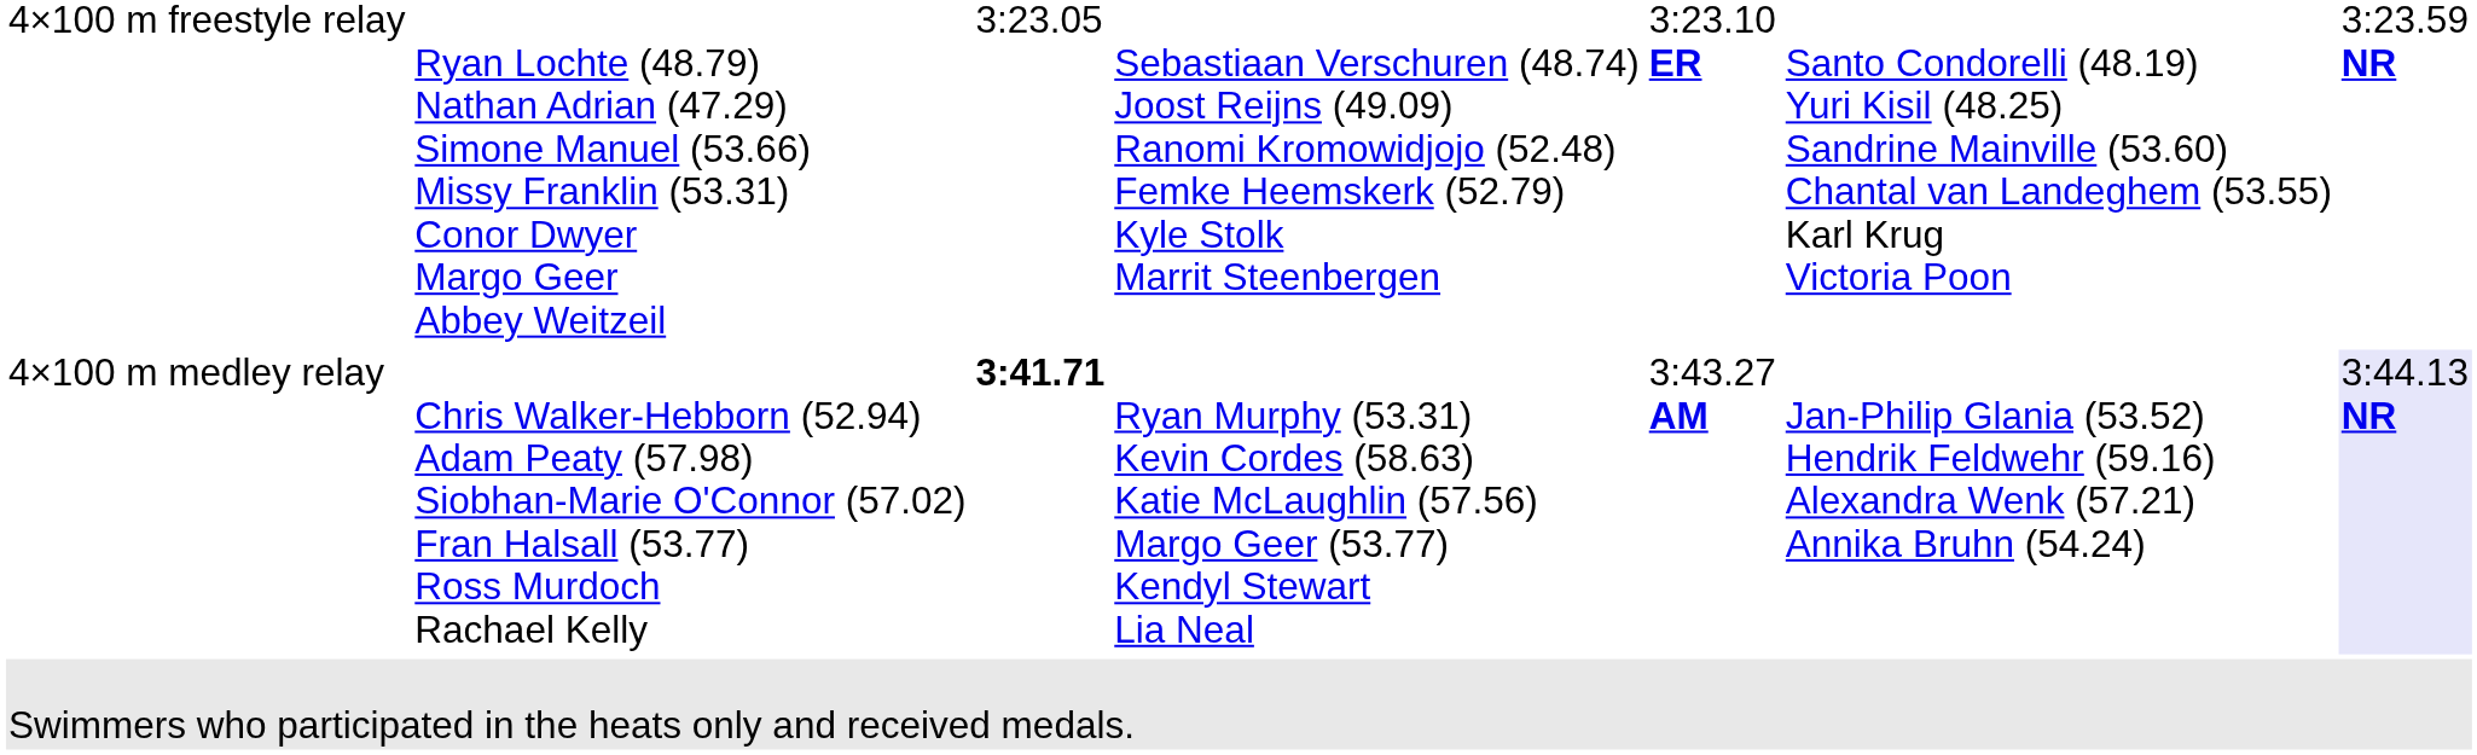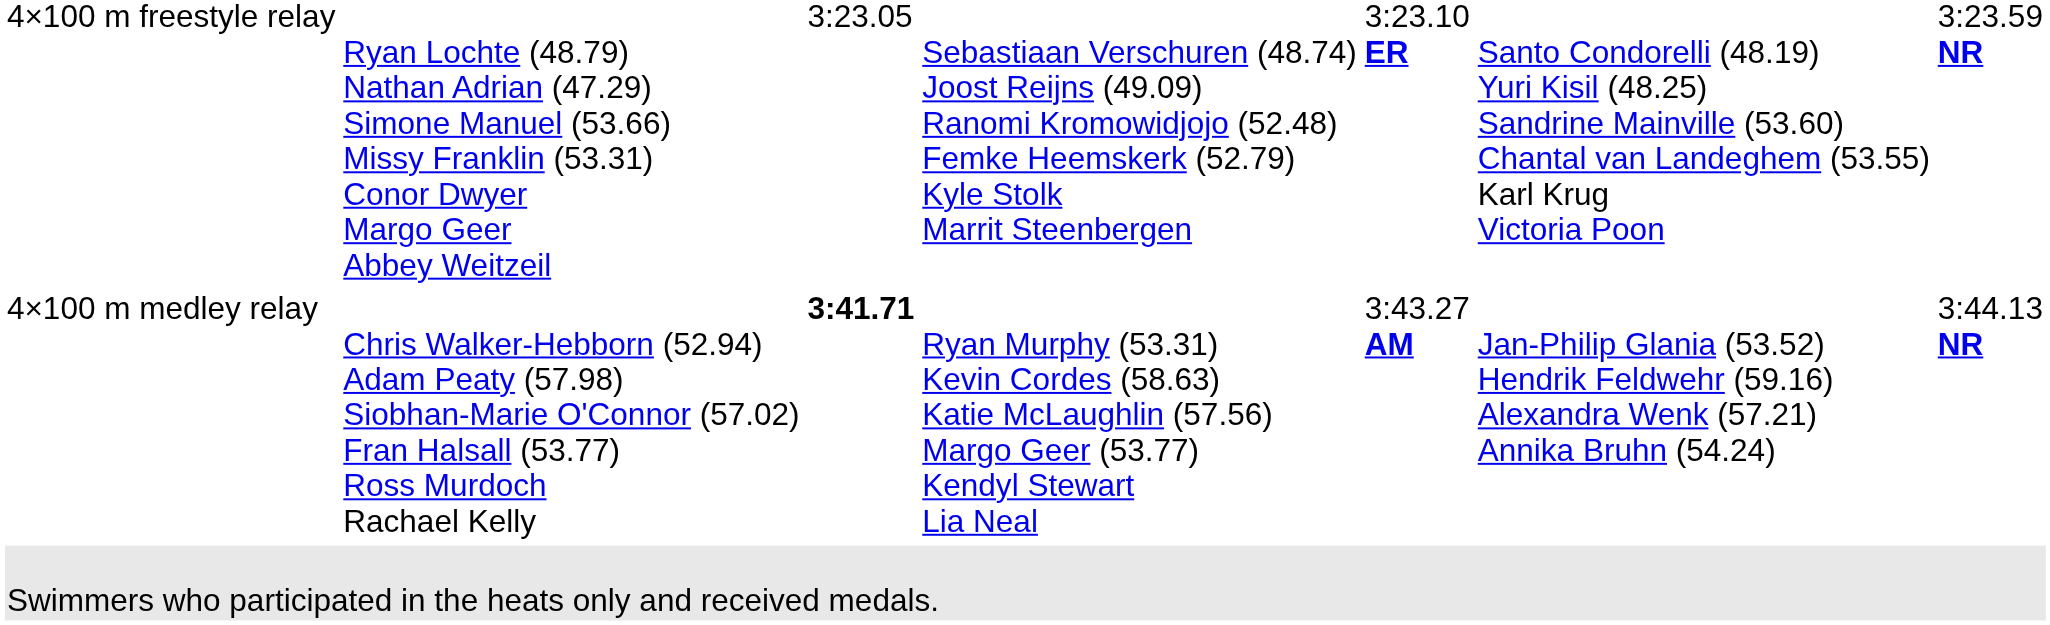 <table>
 <tr valign="top">
 <td>4×100 m freestyle relay<br><div></div></td>
 <td><br><a href='#'>Ryan Lochte</a> (48.79)<br><a href='#'>Nathan Adrian</a> (47.29)<br><a href='#'>Simone Manuel</a> (53.66)<br><a href='#'>Missy Franklin</a> (53.31)<br><a href='#'>Conor Dwyer</a><br><a href='#'>Margo Geer</a><br><a href='#'>Abbey Weitzeil</a></td>
 <td>3:23.05<br></td>
 <td><br><a href='#'>Sebastiaan Verschuren</a> (48.74)<br><a href='#'>Joost Reijns</a> (49.09)<br><a href='#'>Ranomi Kromowidjojo</a> (52.48)<br><a href='#'>Femke Heemskerk</a> (52.79)<br><a href='#'>Kyle Stolk</a><br><a href='#'>Marrit Steenbergen</a></td>
 <td>3:23.10<br><strong><a href='#'>ER</a></strong></td>
 <td><br><a href='#'>Santo Condorelli</a> (48.19)<br><a href='#'>Yuri Kisil</a> (48.25)<br><a href='#'>Sandrine Mainville</a> (53.60)<br><a href='#'>Chantal van Landeghem</a> (53.55)<br>Karl Krug<br><a href='#'>Victoria Poon</a></td>
 <td>3:23.59<br><strong><a href='#'>NR</a></strong></td>
 </tr>
 <tr valign="top">
 <td>4×100 m medley relay<br><div></div></td>
 <td><br><a href='#'>Chris Walker-Hebborn</a> (52.94)<br><a href='#'>Adam Peaty</a> (57.98)<br><a href='#'>Siobhan-Marie O'Connor</a> (57.02)<br><a href='#'>Fran Halsall</a> (53.77)<br><a href='#'>Ross Murdoch</a><br>Rachael Kelly</td>
 <td><strong>3:41.71<br></strong></td>
 <td><br><a href='#'>Ryan Murphy</a> (53.31)<br><a href='#'>Kevin Cordes</a> (58.63)<br><a href='#'>Katie McLaughlin</a> (57.56)<br><a href='#'>Margo Geer</a> (53.77)<br><a href='#'>Kendyl Stewart</a><br><a href='#'>Lia Neal</a></td>
 <td>3:43.27<br><strong><a href='#'>AM</a></strong></td>
 <td><br><a href='#'>Jan-Philip Glania</a> (53.52)<br><a href='#'>Hendrik Feldwehr</a> (59.16)<br><a href='#'>Alexandra Wenk</a> (57.21)<br><a href='#'>Annika Bruhn</a> (54.24)</td>
-<td style="background: lavender;">3:44.13<br><strong><a href='#'>NR</a></strong></td>
+<td>3:44.13<br><strong><a href='#'>NR</a></strong></td>
 </tr>
 <tr bgcolor= e8e8e8>
 <td colspan=7><br><span> Swimmers who participated in the heats only and received medals.</span></td>
 </tr>
 </table>
